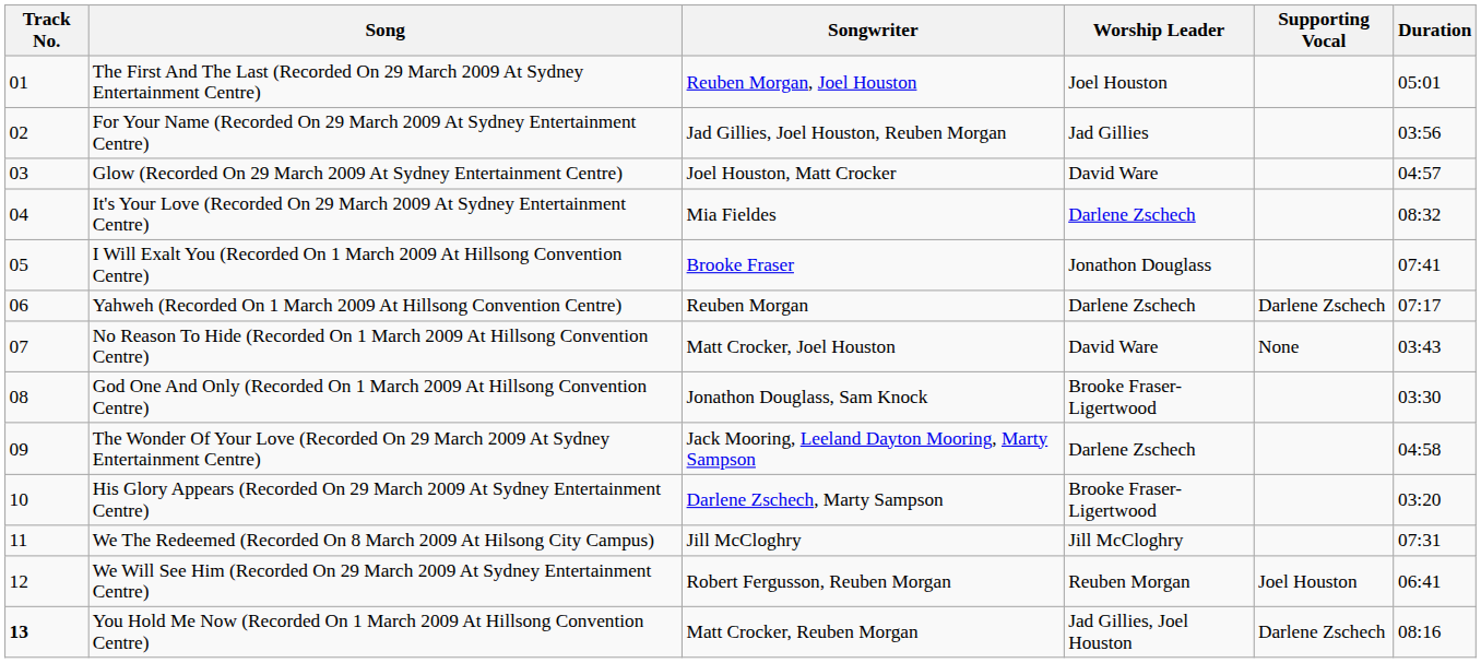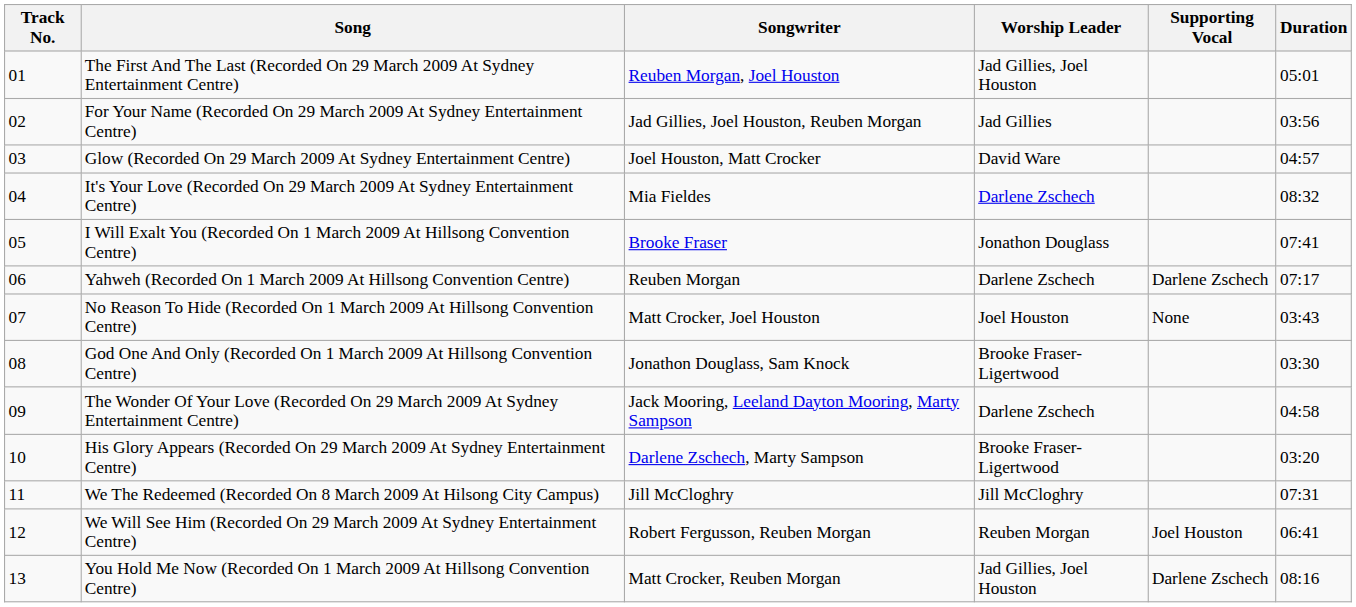 <table class="wikitable">
 <tr>
 <th>Track No.</th>
 <th>Song</th>
 <th>Songwriter</th>
 <th>Worship Leader</th>
 <th>Supporting Vocal</th>
 <th>Duration</th>
 </tr>
 <tr>
 <td>01</td>
 <td>The First And The Last (Recorded On 29 March 2009 At Sydney Entertainment Centre)</td>
 <td><a href='#'>Reuben Morgan</a>, <a href='#'>Joel Houston</a></td>
-<td>Joel Houston</td>
+<td>Jad Gillies, Joel Houston</td>
 <td></td>
 <td>05:01</td>
 </tr>
 <tr>
 <td>02</td>
 <td>For Your Name (Recorded On 29 March 2009 At Sydney Entertainment Centre)</td>
 <td>Jad Gillies, Joel Houston, Reuben Morgan</td>
 <td>Jad Gillies</td>
 <td></td>
 <td>03:56</td>
 </tr>
 <tr>
 <td>03</td>
 <td>Glow (Recorded On 29 March 2009 At Sydney Entertainment Centre)</td>
 <td>Joel Houston, Matt Crocker</td>
 <td>David Ware</td>
 <td></td>
 <td>04:57</td>
 </tr>
 <tr>
 <td>04</td>
 <td>It's Your Love (Recorded On 29 March 2009 At Sydney Entertainment Centre)</td>
 <td>Mia Fieldes</td>
 <td><a href='#'>Darlene Zschech</a></td>
 <td></td>
 <td>08:32</td>
 </tr>
 <tr>
 <td>05</td>
 <td>I Will Exalt You (Recorded On 1 March 2009 At Hillsong Convention Centre)</td>
 <td><a href='#'>Brooke Fraser</a></td>
 <td>Jonathon Douglass</td>
 <td></td>
 <td>07:41</td>
 </tr>
 <tr>
 <td>06</td>
 <td>Yahweh (Recorded On 1 March 2009 At Hillsong Convention Centre)</td>
 <td>Reuben Morgan</td>
 <td>Darlene Zschech</td>
 <td>Darlene Zschech</td>
 <td>07:17</td>
 </tr>
 <tr>
 <td>07</td>
 <td>No Reason To Hide (Recorded On 1 March 2009 At Hillsong Convention Centre)</td>
 <td>Matt Crocker, Joel Houston</td>
-<td>David Ware</td>
+<td>Joel Houston</td>
 <td>None</td>
 <td>03:43</td>
 </tr>
 <tr>
 <td>08</td>
 <td>God One And Only (Recorded On 1 March 2009 At Hillsong Convention Centre)</td>
 <td>Jonathon Douglass, Sam Knock</td>
 <td>Brooke Fraser-Ligertwood</td>
 <td></td>
 <td>03:30</td>
 </tr>
 <tr>
 <td>09</td>
 <td>The Wonder Of Your Love (Recorded On 29 March 2009 At Sydney Entertainment Centre)</td>
 <td>Jack Mooring, <a href='#'>Leeland Dayton Mooring</a>, <a href='#'>Marty Sampson</a></td>
 <td>Darlene Zschech</td>
 <td></td>
 <td>04:58</td>
 </tr>
 <tr>
 <td>10</td>
 <td>His Glory Appears (Recorded On 29 March 2009 At Sydney Entertainment Centre)</td>
 <td><a href='#'>Darlene Zschech</a>, Marty Sampson</td>
 <td>Brooke Fraser-Ligertwood</td>
 <td></td>
 <td>03:20</td>
 </tr>
 <tr>
 <td>11</td>
 <td>We The Redeemed (Recorded On 8 March 2009 At Hilsong City Campus)</td>
 <td>Jill McCloghry</td>
 <td>Jill McCloghry</td>
 <td></td>
 <td>07:31</td>
 </tr>
 <tr>
 <td>12</td>
 <td>We Will See Him (Recorded On 29 March 2009 At Sydney Entertainment Centre)</td>
 <td>Robert Fergusson, Reuben Morgan</td>
 <td>Reuben Morgan</td>
 <td>Joel Houston</td>
 <td>06:41</td>
 </tr>
 <tr>
-<td><strong>13</strong></td>
+<td>13</td>
 <td>You Hold Me Now (Recorded On 1 March 2009 At Hillsong Convention Centre)</td>
 <td>Matt Crocker, Reuben Morgan</td>
 <td>Jad Gillies, Joel Houston</td>
 <td>Darlene Zschech</td>
 <td>08:16</td>
 </tr>
 </table>
